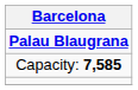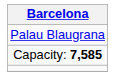 <table class="wikitable" style="text-align:center; margin:1em auto;">
 <tr>
 <th><a href='#'>Barcelona</a></th>
 </tr>
 <tr>
-<td><strong><a href='#'>Palau Blaugrana</a></strong></td>
+<td><a href='#'>Palau Blaugrana</a></td>
 </tr>
 <tr>
 <td>Capacity: <strong>7,585</strong></td>
 </tr>
 <tr>
 <td></td>
 </tr>
 <tr>
 </tr>
 </table>
